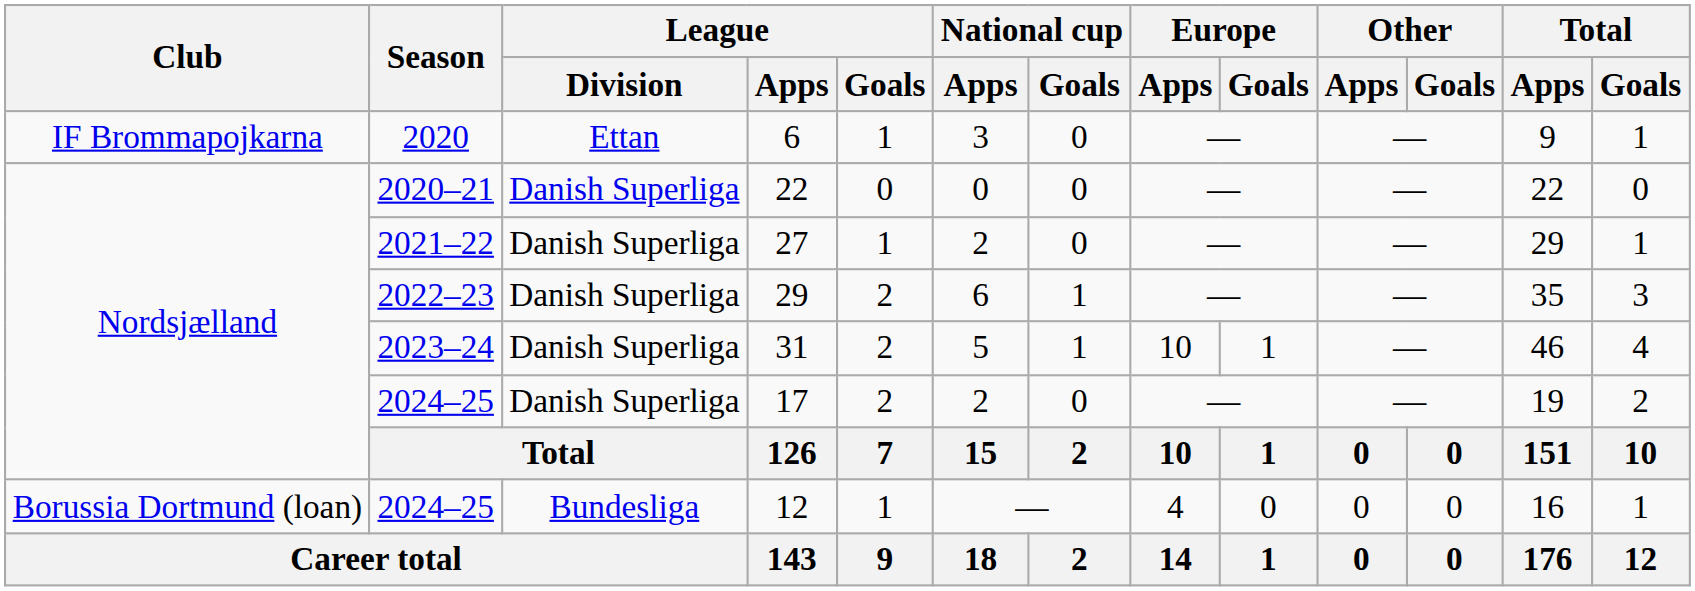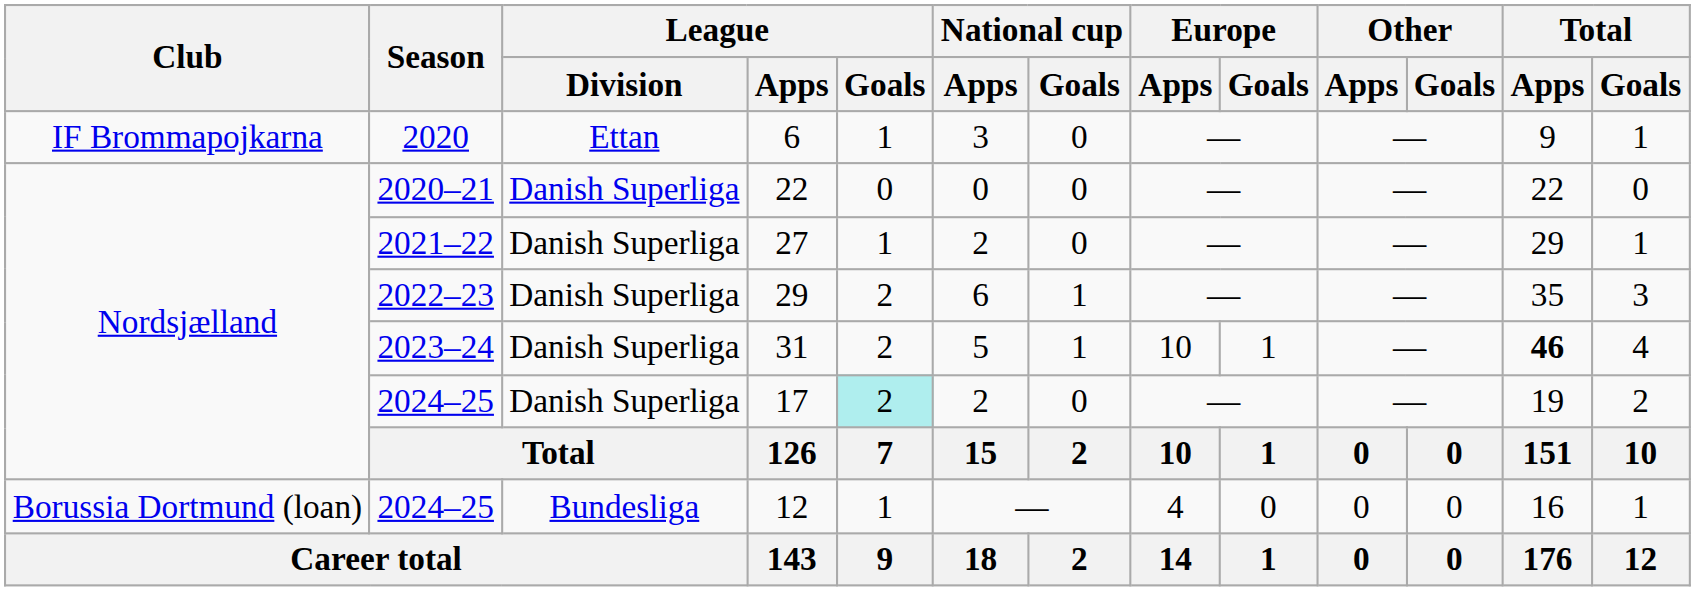 <table class="wikitable" style="text-align:center">
 <tr>
 <th rowspan="2">Club</th>
 <th rowspan="2">Season</th>
 <th colspan="3">League</th>
 <th colspan="2">National cup</th>
 <th colspan="2">Europe</th>
 <th colspan="2">Other</th>
 <th colspan="2">Total</th>
 </tr>
 <tr>
 <th>Division</th>
 <th>Apps</th>
 <th>Goals</th>
 <th>Apps</th>
 <th>Goals</th>
 <th>Apps</th>
 <th>Goals</th>
 <th>Apps</th>
 <th>Goals</th>
 <th>Apps</th>
 <th>Goals</th>
 </tr>
 <tr>
 <td><a href='#'>IF Brommapojkarna</a></td>
 <td><a href='#'>2020</a></td>
 <td><a href='#'>Ettan</a></td>
 <td>6</td>
 <td>1</td>
 <td>3</td>
 <td>0</td>
 <td colspan="2">—</td>
 <td colspan="2">—</td>
 <td>9</td>
 <td>1</td>
 </tr>
 <tr>
 <td rowspan="6"><a href='#'>Nordsjælland</a></td>
 <td><a href='#'>2020–21</a></td>
 <td><a href='#'>Danish Superliga</a></td>
 <td>22</td>
 <td>0</td>
 <td>0</td>
 <td>0</td>
 <td colspan="2">—</td>
 <td colspan="2">—</td>
 <td>22</td>
 <td>0</td>
 </tr>
 <tr>
 <td><a href='#'>2021–22</a></td>
 <td>Danish Superliga</td>
 <td>27</td>
 <td>1</td>
 <td>2</td>
 <td>0</td>
 <td colspan="2">—</td>
 <td colspan="2">—</td>
 <td>29</td>
 <td>1</td>
 </tr>
 <tr>
 <td><a href='#'>2022–23</a></td>
 <td>Danish Superliga</td>
 <td>29</td>
 <td>2</td>
 <td>6</td>
 <td>1</td>
 <td colspan="2">—</td>
 <td colspan="2">—</td>
 <td>35</td>
 <td>3</td>
 </tr>
 <tr>
 <td><a href='#'>2023–24</a></td>
 <td>Danish Superliga</td>
 <td>31</td>
 <td>2</td>
 <td>5</td>
 <td>1</td>
 <td>10</td>
 <td>1</td>
 <td colspan="2">—</td>
-<td>46</td>
+<td><strong>46</strong></td>
 <td>4</td>
 </tr>
 <tr>
 <td><a href='#'>2024–25</a></td>
 <td>Danish Superliga</td>
 <td>17</td>
-<td>2</td>
+<td style="background: paleturquoise;">2</td>
 <td>2</td>
 <td>0</td>
 <td colspan="2">—</td>
 <td colspan="2">—</td>
 <td>19</td>
 <td>2</td>
 </tr>
 <tr>
 <th colspan="2">Total</th>
 <th>126</th>
 <th>7</th>
 <th>15</th>
 <th>2</th>
 <th>10</th>
 <th>1</th>
 <th>0</th>
 <th>0</th>
 <th>151</th>
 <th>10</th>
 </tr>
 <tr>
 <td><a href='#'>Borussia Dortmund</a> (loan)</td>
 <td><a href='#'>2024–25</a></td>
 <td><a href='#'>Bundesliga</a></td>
 <td>12</td>
 <td>1</td>
 <td colspan="2">—</td>
 <td>4</td>
 <td>0</td>
 <td>0</td>
 <td>0</td>
 <td>16</td>
 <td>1</td>
 </tr>
 <tr>
 <th colspan="3">Career total</th>
 <th>143</th>
 <th>9</th>
 <th>18</th>
 <th>2</th>
 <th>14</th>
 <th>1</th>
 <th>0</th>
 <th>0</th>
 <th>176</th>
 <th>12</th>
 </tr>
 </table>
